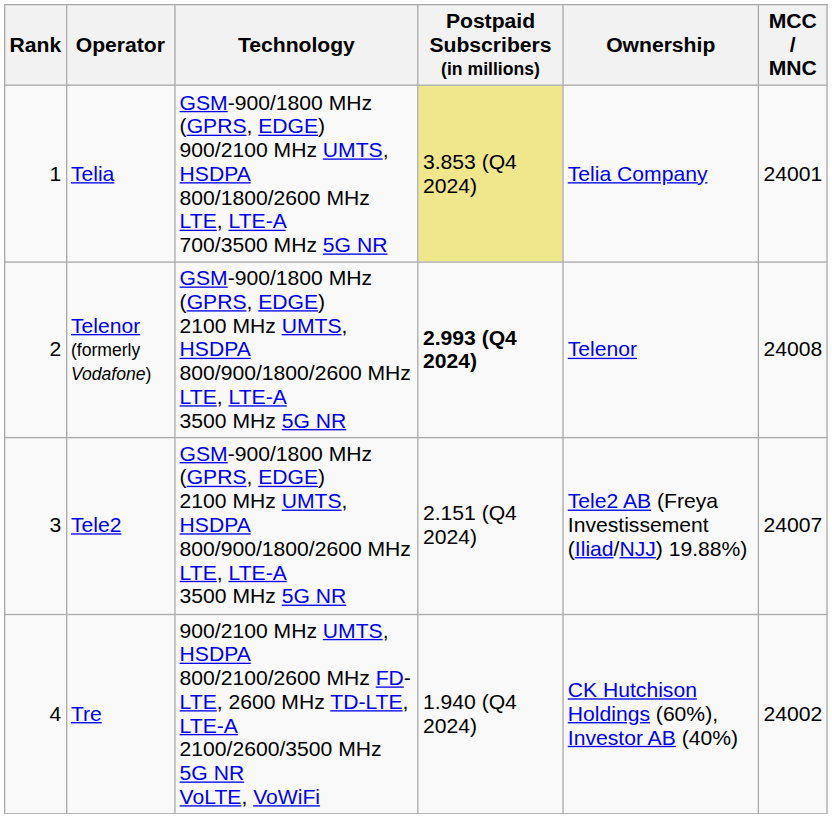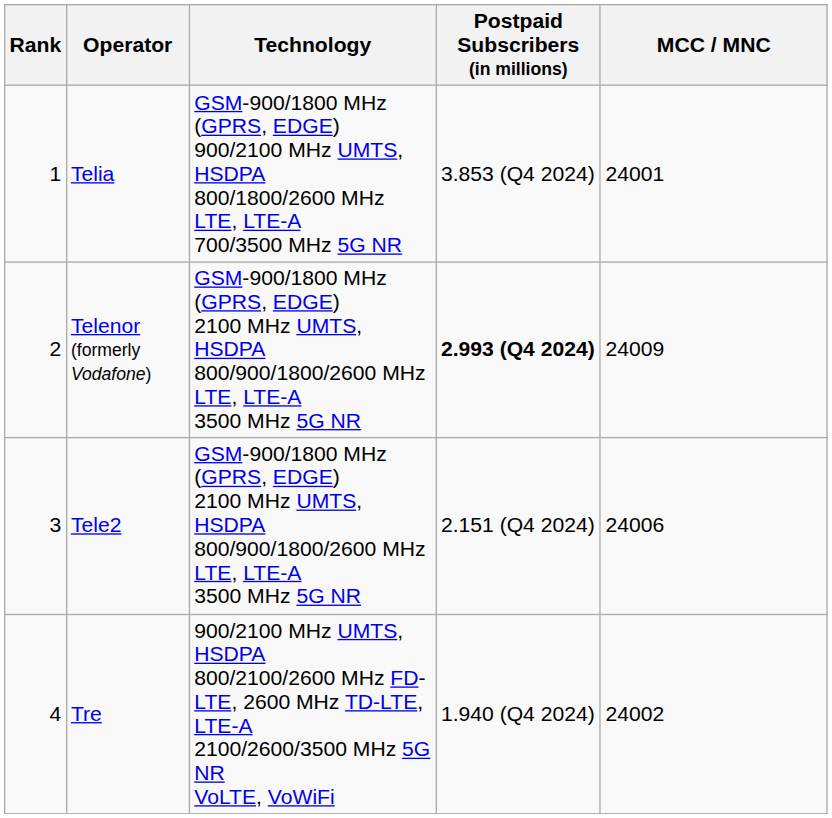 <table class="wikitable" style="width:100%;">
 <tr>
 <th style="width:3%;">Rank</th>
 <th style="width:15%;">Operator</th>
 <th style="width:30%;">Technology</th>
 <th style="width:20%;">Postpaid Subscribers<br><small>(in millions)</small></th>
-<th style="width:32%;">Ownership</th>
 <th>MCC / MNC</th>
 </tr>
 <tr>
 <td align=right>1</td>
 <td><a href='#'>Telia</a></td>
 <td><a href='#'>GSM</a>-900/1800 MHz (<a href='#'>GPRS</a>, <a href='#'>EDGE</a>)<br>900/2100 MHz <a href='#'>UMTS</a>, <a href='#'>HSDPA</a><br>800/1800/2600 MHz<br><a href='#'>LTE</a>, <a href='#'>LTE-A</a>  700/3500 MHz <a href='#'>5G NR</a></td>
-<td style="background: khaki;">3.853 (Q4 2024)</td>
-<td><a href='#'>Telia Company</a></td>
+<td>3.853 (Q4 2024)</td>
 <td>24001</td>
 </tr>
 <tr>
 <td align=right>2</td>
 <td><a href='#'>Telenor</a> <br> <small>(formerly <em>Vodafone</em>)</small></td>
 <td><a href='#'>GSM</a>-900/1800 MHz (<a href='#'>GPRS</a>, <a href='#'>EDGE</a>)<br>2100 MHz <a href='#'>UMTS</a>, <a href='#'>HSDPA</a><br>800/900/1800/2600 MHz <a href='#'>LTE</a>, <a href='#'>LTE-A</a> <br>3500 MHz <a href='#'>5G NR</a></td>
 <td><strong>2.993 (Q4 2024)</strong></td>
-<td><a href='#'>Telenor</a></td>
-<td>24008</td>
+<td>24009</td>
 </tr>
 <tr>
 <td align=right>3</td>
 <td><a href='#'>Tele2</a> <br></td>
 <td><a href='#'>GSM</a>-900/1800 MHz (<a href='#'>GPRS</a>, <a href='#'>EDGE</a>)<br>2100 MHz <a href='#'>UMTS</a>, <a href='#'>HSDPA</a><br>800/900/1800/2600 MHz <a href='#'>LTE</a>, <a href='#'>LTE-A</a><br>3500 MHz <a href='#'>5G NR</a></td>
 <td>2.151 (Q4 2024)</td>
-<td><a href='#'>Tele2 AB</a> (Freya Investissement (<a href='#'>Iliad</a>/<a href='#'>NJJ</a>) 19.88%)</td>
-<td>24007</td>
+<td>24006</td>
 </tr>
 <tr>
 <td align=right>4</td>
 <td><a href='#'>Tre</a></td>
 <td>900/2100 MHz <a href='#'>UMTS</a>, <a href='#'>HSDPA</a><br>800/2100/2600 MHz <a href='#'>FD</a>-<a href='#'>LTE</a>, 2600 MHz <a href='#'>TD-LTE</a>, <a href='#'>LTE-A</a><br>2100/2600/3500 MHz <a href='#'>5G NR</a><br><a href='#'>VoLTE</a>, <a href='#'>VoWiFi</a></td>
 <td>1.940 (Q4 2024)</td>
-<td><a href='#'>CK Hutchison Holdings</a> (60%), <a href='#'>Investor AB</a> (40%)</td>
 <td>24002</td>
 </tr>
 </table>
